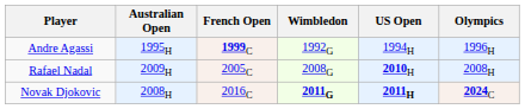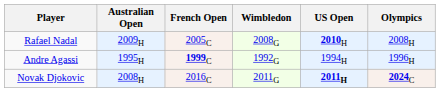 <table class="wikitable sortable nowrap col1left" style="text-align: center">
 <tr>
 <th width=140 class="unsortable">Player</th>
 <th width=100>Australian Open</th>
 <th width=100>French Open</th>
 <th width=100>Wimbledon</th>
 <th width=100>US Open</th>
 <th width=100>Olympics</th>
 </tr>
 <tr>
+<td> <a href='#'>Rafael Nadal</a></td>
+<td style="background: #e6f2ff;"><a href='#'>2009</a><sub>H</sub></td>
+<td style="background: #f9f0eb;"><a href='#'>2005</a><sub>C</sub></td>
+<td style="background: #f2ffe6;"><a href='#'>2008</a><sub>G</sub></td>
+<td style="background: #e6f2ff;"><strong><a href='#'>2010</a></strong><sub>H</sub></td>
+<td style="background: #e6f2ff;"><a href='#'>2008</a><sub>H</sub></td>
+</tr>
+<tr>
 <td> <a href='#'>Andre Agassi</a></td>
 <td style="background: #e6f2ff;"><a href='#'>1995</a><sub>H</sub></td>
 <td style="background: #f9f0eb;"><strong><a href='#'>1999</a></strong><sub>C</sub></td>
 <td style="background: #f2ffe6;"><a href='#'>1992</a><sub>G</sub></td>
 <td style="background: #e6f2ff;"><a href='#'>1994</a><sub>H</sub></td>
 <td style="background: #e6f2ff;"><a href='#'>1996</a><sub>H</sub></td>
 </tr>
 <tr>
-<td> <a href='#'>Rafael Nadal</a></td>
-<td style="background: #e6f2ff;"><a href='#'>2009</a><sub>H</sub></td>
-<td style="background: #f9f0eb;"><a href='#'>2005</a><sub>C</sub></td>
-<td style="background: #f2ffe6;"><a href='#'>2008</a><sub>G</sub></td>
-<td style="background: #e6f2ff;"><strong><a href='#'>2010</a></strong><sub>H</sub></td>
-<td style="background: #e6f2ff;"><a href='#'>2008</a><sub>H</sub></td>
-</tr>
-<tr>
 <td> <a href='#'>Novak Djokovic</a></td>
 <td style="background: #e6f2ff;"><a href='#'>2008</a><sub>H</sub></td>
 <td style="background: #f9f0eb;"><a href='#'>2016</a><sub>C</sub></td>
-<td style="background: #f2ffe6;"><strong><a href='#'>2011</a><sub>G</sub></strong></td>
+<td style="background: #f2ffe6;"><a href='#'>2011</a><sub>G</sub></td>
 <td style="background: #e6f2ff;"><strong><a href='#'>2011</a><sub>H</sub></strong></td>
 <td style="background: #f9f0eb;"><strong><a href='#'>2024</a></strong><sub>C</sub></td>
 </tr>
 </table>
